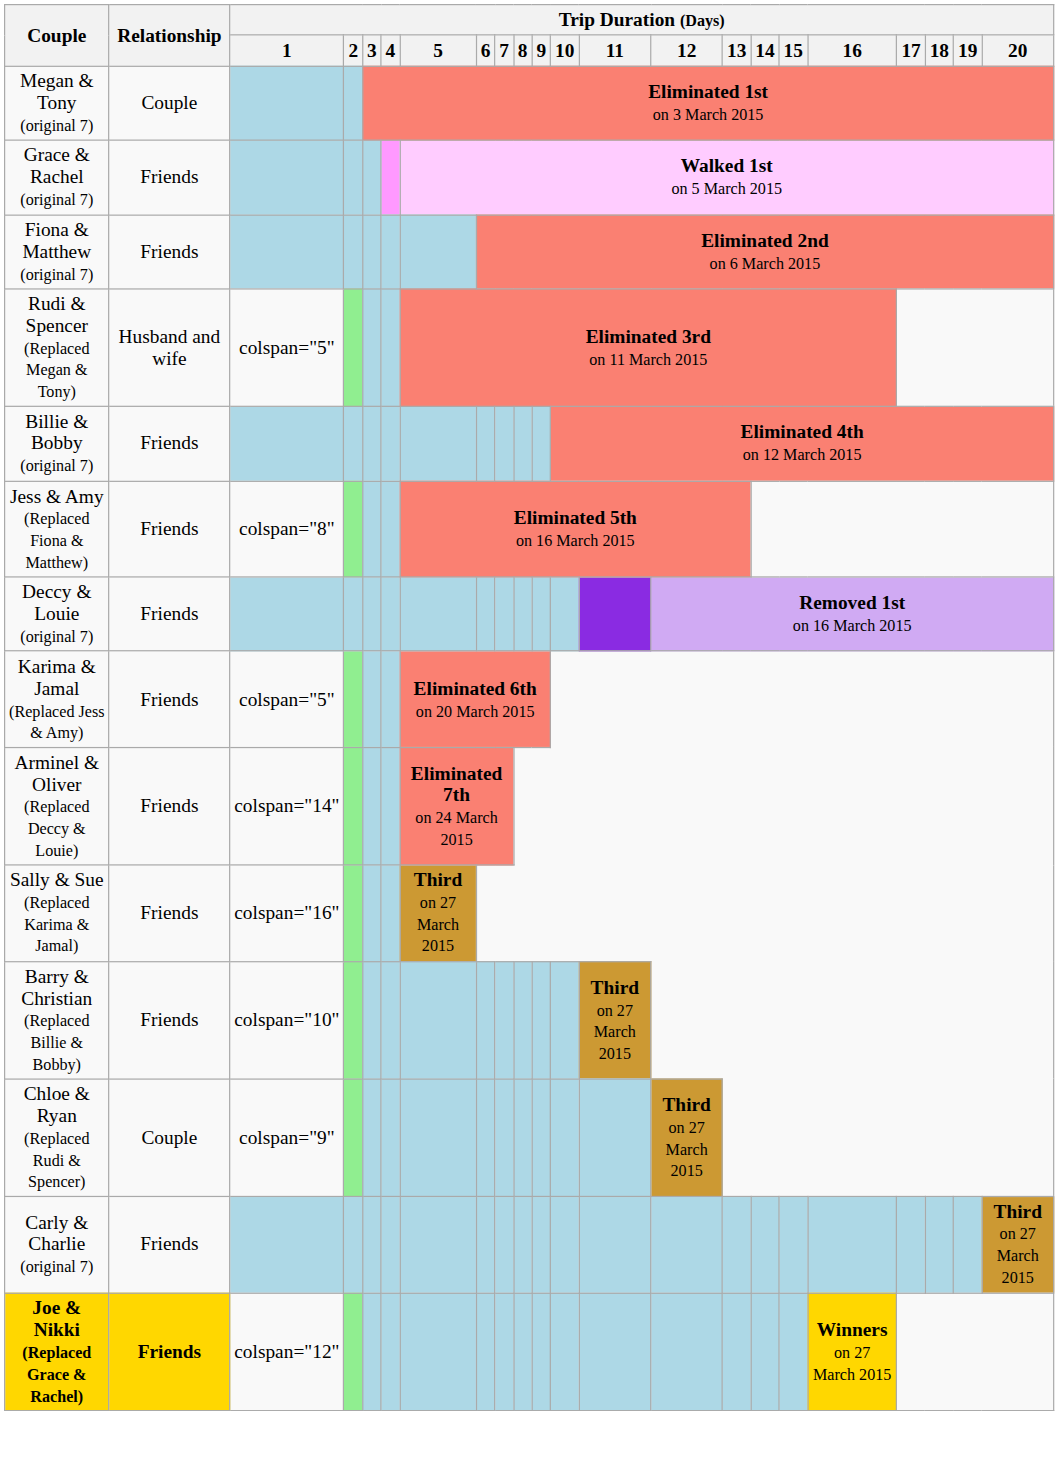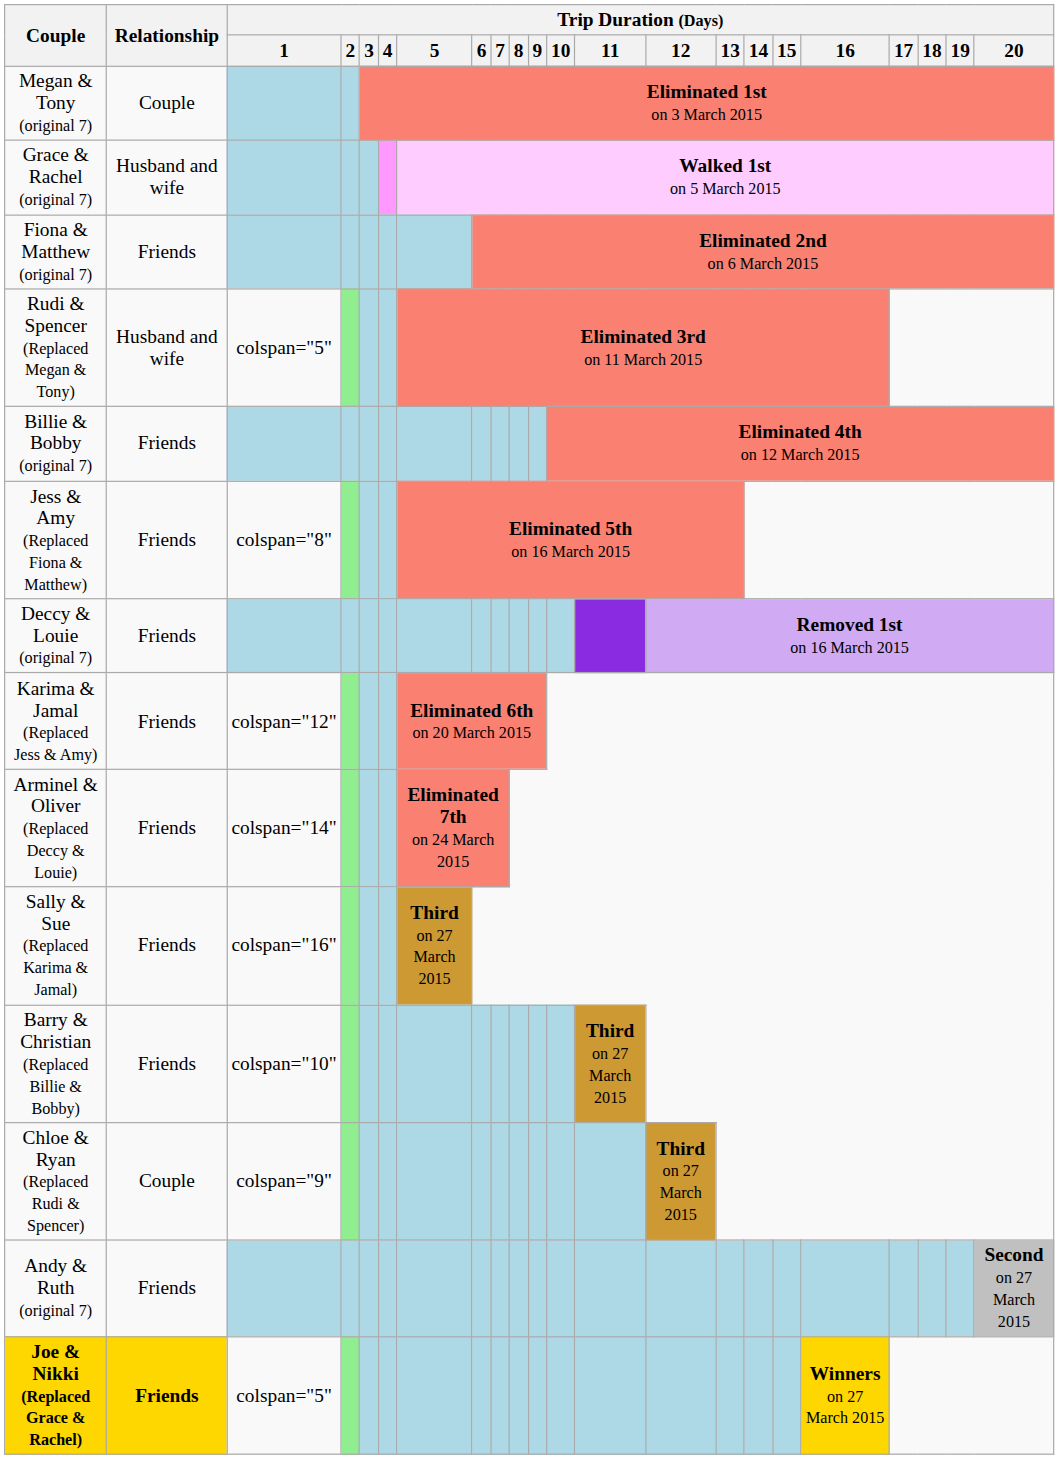 <table class="wikitable" style="text-align:center;">
 <tr>
 <th rowspan="2">Couple</th>
 <th rowspan="2">Relationship</th>
 <th colspan="20">Trip Duration <small>(Days)</small></th>
 </tr>
 <tr>
 <th>1</th>
 <th>2</th>
 <th>3</th>
 <th>4</th>
 <th>5</th>
 <th>6</th>
 <th>7</th>
 <th>8</th>
 <th>9</th>
 <th>10</th>
 <th>11</th>
 <th>12</th>
 <th>13</th>
 <th>14</th>
 <th>15</th>
 <th>16</th>
 <th>17</th>
 <th>18</th>
 <th>19</th>
 <th>20</th>
 </tr>
 <tr>
 <td>Megan & Tony<br><small>(original 7)</small></td>
 <td>Couple</td>
 <td style="background:lightblue;"></td>
 <td style="background:lightblue;"></td>
 <td colspan="18" style="background:salmon;"><strong>Eliminated 1st</strong><br><small>on 3 March 2015</small></td>
 </tr>
 <tr>
 <td>Grace & Rachel<br><small>(original 7)</small></td>
-<td>Friends</td>
+<td>Husband and wife</td>
 <td style="background:lightblue;"></td>
 <td style="background:lightblue;"></td>
 <td style="background:lightblue;"></td>
 <td style="background:#ff99ff;"></td>
 <td colspan="16" style="background:#ffccff;"><strong>Walked 1st</strong><br><small>on 5 March 2015</small></td>
 </tr>
 <tr>
 <td>Fiona & Matthew<br><small>(original 7)</small></td>
 <td>Friends</td>
 <td style="background:lightblue;"></td>
 <td style="background:lightblue;"></td>
 <td style="background:lightblue;"></td>
 <td style="background:lightblue;"></td>
 <td style="background:lightblue;"></td>
 <td colspan="15" style="background:salmon;"><strong>Eliminated 2nd</strong><br><small>on 6 March 2015</small></td>
 </tr>
 <tr>
 <td>Rudi & Spencer<br><small>(Replaced Megan & Tony)</small></td>
 <td>Husband and wife</td>
 <td>colspan="5" </td>
 <td style="background:lightgreen;"></td>
 <td style="background:lightblue;"></td>
 <td style="background:lightblue;"></td>
 <td colspan="12" style="background:salmon;"><strong>Eliminated 3rd</strong><br><small>on 11 March 2015</small></td>
 </tr>
 <tr>
 <td>Billie & Bobby<br><small>(original 7)</small></td>
 <td>Friends</td>
 <td style="background:lightblue;"></td>
 <td style="background:lightblue;"></td>
 <td style="background:lightblue;"></td>
 <td style="background:lightblue;"></td>
 <td style="background:lightblue;"></td>
 <td style="background:lightblue;"></td>
 <td style="background:lightblue;"></td>
 <td style="background:lightblue;"></td>
 <td style="background:lightblue;"></td>
 <td colspan="11" style="background:salmon;"><strong>Eliminated 4th</strong><br><small>on 12 March 2015</small></td>
 </tr>
 <tr>
 <td>Jess & Amy<br><small>(Replaced Fiona & Matthew)</small></td>
 <td>Friends</td>
 <td>colspan="8" </td>
 <td style="background:lightgreen;"></td>
 <td style="background:lightblue;"></td>
 <td style="background:lightblue;"></td>
 <td colspan="9" style="background:salmon;"><strong>Eliminated 5th</strong><br><small>on 16 March 2015</small></td>
 </tr>
 <tr>
 <td>Deccy & Louie<br><small>(original 7)</small></td>
 <td>Friends</td>
 <td style="background:lightblue;"></td>
 <td style="background:lightblue;"></td>
 <td style="background:lightblue;"></td>
 <td style="background:lightblue;"></td>
 <td style="background:lightblue;"></td>
 <td style="background:lightblue;"></td>
 <td style="background:lightblue;"></td>
 <td style="background:lightblue;"></td>
 <td style="background:lightblue;"></td>
 <td style="background:lightblue;"></td>
 <td style="background:#8a2be2;"></td>
 <td colspan="9" style="background:#d0aaf3;"><strong>Removed 1st</strong><br><small>on 16 March 2015</small></td>
 </tr>
 <tr>
 <td>Karima & Jamal<br><small>(Replaced Jess & Amy)</small></td>
 <td>Friends</td>
-<td>colspan="5" </td>
+<td>colspan="12" </td>
 <td style="background:lightgreen;"></td>
 <td style="background:lightblue;"></td>
 <td style="background:lightblue;"></td>
 <td colspan="5" style="background:salmon;"><strong>Eliminated 6th</strong><br><small>on 20 March 2015</small></td>
 </tr>
 <tr>
 <td>Arminel & Oliver<br><small>(Replaced Deccy & Louie)</small></td>
 <td>Friends</td>
 <td>colspan="14" </td>
 <td style="background:lightgreen;"></td>
 <td style="background:lightblue;"></td>
 <td style="background:lightblue;"></td>
 <td colspan="3" style="background:salmon;"><strong>Eliminated 7th</strong><br><small>on 24 March 2015</small></td>
 </tr>
 <tr>
 <td>Sally & Sue<br><small>(Replaced Karima & Jamal)</small></td>
 <td>Friends</td>
 <td>colspan="16" </td>
 <td style="background:lightgreen;"></td>
 <td style="background:lightblue;"></td>
 <td style="background:lightblue;"></td>
 <td style="background:#cc9933;"><strong>Third</strong><br><small>on 27 March 2015</small></td>
 </tr>
 <tr>
 <td>Barry & Christian<br><small>(Replaced Billie & Bobby)</small></td>
 <td>Friends</td>
 <td>colspan="10" </td>
 <td style="background:lightgreen;"></td>
 <td style="background:lightblue;"></td>
 <td style="background:lightblue;"></td>
 <td style="background:lightblue;"></td>
 <td style="background:lightblue;"></td>
 <td style="background:lightblue;"></td>
 <td style="background:lightblue;"></td>
 <td style="background:lightblue;"></td>
 <td style="background:lightblue;"></td>
 <td style="background:#cc9933;"><strong>Third</strong><br><small>on 27 March 2015</small></td>
 </tr>
 <tr>
 <td>Chloe & Ryan<br><small>(Replaced Rudi & Spencer)</small></td>
 <td>Couple</td>
 <td>colspan="9" </td>
 <td style="background:lightgreen;"></td>
 <td style="background:lightblue;"></td>
 <td style="background:lightblue;"></td>
 <td style="background:lightblue;"></td>
 <td style="background:lightblue;"></td>
 <td style="background:lightblue;"></td>
 <td style="background:lightblue;"></td>
 <td style="background:lightblue;"></td>
 <td style="background:lightblue;"></td>
 <td style="background:lightblue;"></td>
 <td style="background:#cc9933;"><strong>Third</strong><br><small>on 27 March 2015</small></td>
 </tr>
 <tr>
-<td>Carly & Charlie<br><small>(original 7)</small></td>
+<td>Andy & Ruth<br><small>(original 7)</small></td>
 <td>Friends</td>
 <td style="background:lightblue;"></td>
 <td style="background:lightblue;"></td>
 <td style="background:lightblue;"></td>
 <td style="background:lightblue;"></td>
 <td style="background:lightblue;"></td>
 <td style="background:lightblue;"></td>
 <td style="background:lightblue;"></td>
 <td style="background:lightblue;"></td>
 <td style="background:lightblue;"></td>
 <td style="background:lightblue;"></td>
 <td style="background:lightblue;"></td>
 <td style="background:lightblue;"></td>
 <td style="background:lightblue;"></td>
 <td style="background:lightblue;"></td>
 <td style="background:lightblue;"></td>
 <td style="background:lightblue;"></td>
 <td style="background:lightblue;"></td>
 <td style="background:lightblue;"></td>
 <td style="background:lightblue;"></td>
-<td style="background:#cc9933;"><strong>Third</strong><br><small>on 27 March 2015</small></td>
+<td style="background:silver;"><strong>Second</strong><br><small>on 27 March 2015</small></td>
 </tr>
 <tr>
 <td style="background:gold;"><strong>Joe & Nikki<br><small>(Replaced Grace & Rachel)</small></strong></td>
 <td style="background:gold;"><strong>Friends</strong></td>
-<td>colspan="12" </td>
+<td>colspan="5" </td>
 <td style="background:lightgreen;"></td>
 <td style="background:lightblue;"></td>
 <td style="background:lightblue;"></td>
 <td style="background:lightblue;"></td>
 <td style="background:lightblue;"></td>
 <td style="background:lightblue;"></td>
 <td style="background:lightblue;"></td>
 <td style="background:lightblue;"></td>
 <td style="background:lightblue;"></td>
 <td style="background:lightblue;"></td>
 <td style="background:lightblue;"></td>
 <td style="background:lightblue;"></td>
 <td style="background:lightblue;"></td>
 <td style="background:lightblue;"></td>
 <td style="background:gold;"><strong>Winners</strong><br><small>on 27 March 2015</small></td>
 </tr>
 </table>
